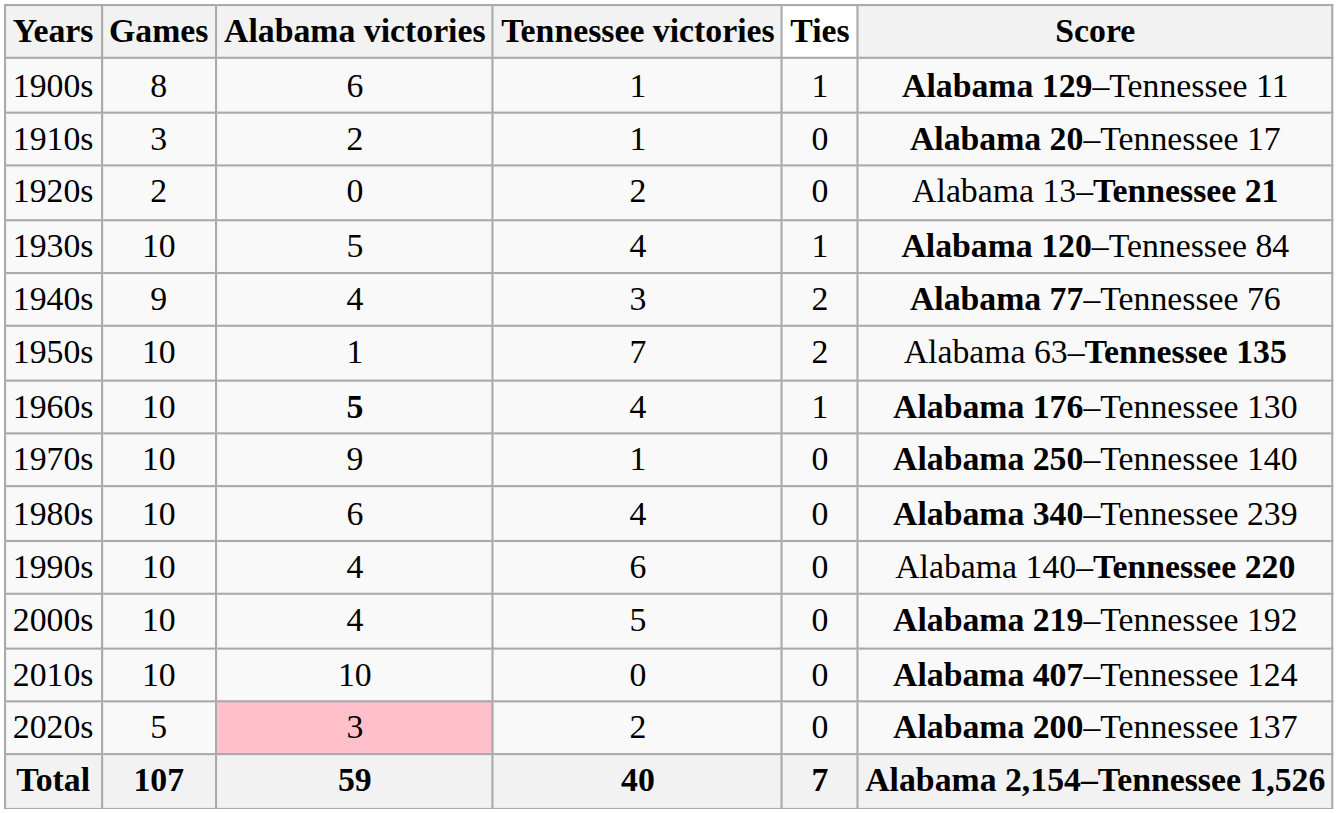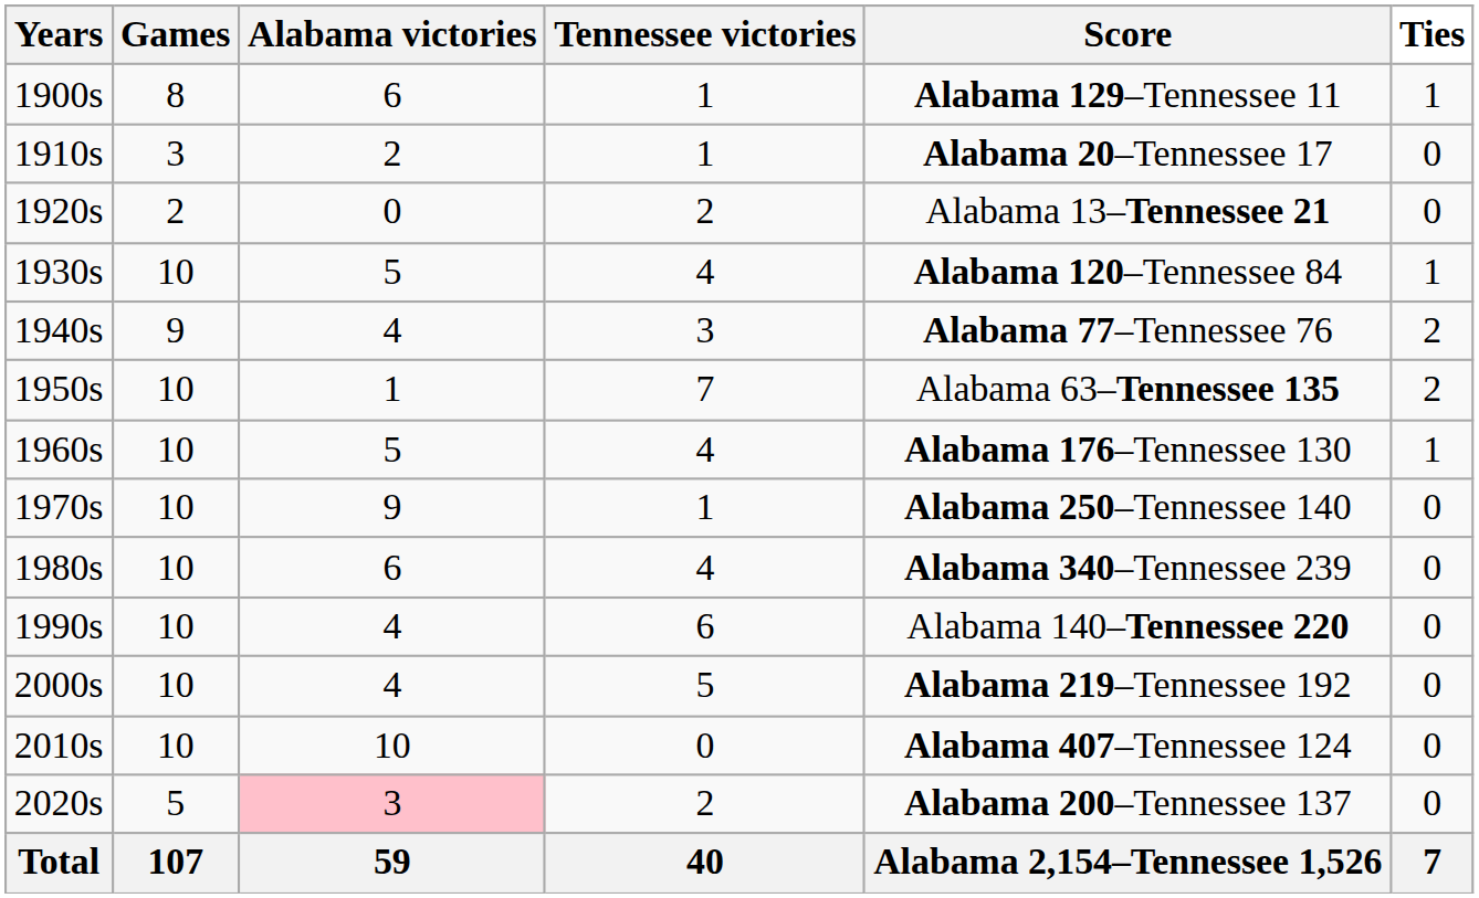 <table class="wikitable sortable" style="text-align:center">
 <tr>
 <th>Years</th>
 <th>Games</th>
 <th>Alabama victories</th>
 <th>Tennessee victories</th>
+<th>Score</th>
 <th style="text-align:center; background:white; color:black;">Ties</th>
-<th>Score</th>
 </tr>
 <tr>
 <td>1900s</td>
 <td>8</td>
 <td>6</td>
 <td>1</td>
+<td><strong>Alabama 129</strong>–Tennessee 11</td>
 <td>1</td>
-<td><strong>Alabama 129</strong>–Tennessee 11</td>
 </tr>
 <tr>
 <td>1910s</td>
 <td>3</td>
 <td>2</td>
 <td>1</td>
+<td><strong>Alabama 20</strong>–Tennessee 17</td>
 <td>0</td>
-<td><strong>Alabama 20</strong>–Tennessee 17</td>
 </tr>
 <tr>
 <td>1920s</td>
 <td>2</td>
 <td>0</td>
 <td>2</td>
+<td>Alabama 13–<strong>Tennessee 21</strong></td>
 <td>0</td>
-<td>Alabama 13–<strong>Tennessee 21</strong></td>
 </tr>
 <tr>
 <td>1930s</td>
 <td>10</td>
 <td>5</td>
 <td>4</td>
+<td><strong>Alabama 120</strong>–Tennessee 84</td>
 <td>1</td>
-<td><strong>Alabama 120</strong>–Tennessee 84</td>
 </tr>
 <tr>
 <td>1940s</td>
 <td>9</td>
 <td>4</td>
 <td>3</td>
+<td><strong>Alabama 77</strong>–Tennessee 76</td>
 <td>2</td>
-<td><strong>Alabama 77</strong>–Tennessee 76</td>
 </tr>
 <tr>
 <td>1950s</td>
 <td>10</td>
 <td>1</td>
 <td>7</td>
+<td>Alabama 63–<strong>Tennessee 135</strong></td>
 <td>2</td>
-<td>Alabama 63–<strong>Tennessee 135</strong></td>
 </tr>
 <tr>
 <td>1960s</td>
 <td>10</td>
-<td><strong>5</strong></td>
+<td>5</td>
 <td>4</td>
+<td><strong>Alabama 176</strong>–Tennessee 130</td>
 <td>1</td>
-<td><strong>Alabama 176</strong>–Tennessee 130</td>
 </tr>
 <tr>
 <td>1970s</td>
 <td>10</td>
 <td>9</td>
 <td>1</td>
+<td><strong>Alabama 250</strong>–Tennessee 140</td>
 <td>0</td>
-<td><strong>Alabama 250</strong>–Tennessee 140</td>
 </tr>
 <tr>
 <td>1980s</td>
 <td>10</td>
 <td>6</td>
 <td>4</td>
+<td><strong>Alabama 340</strong>–Tennessee 239</td>
 <td>0</td>
-<td><strong>Alabama 340</strong>–Tennessee 239</td>
 </tr>
 <tr>
 <td>1990s</td>
 <td>10</td>
 <td>4</td>
 <td>6</td>
+<td>Alabama 140–<strong>Tennessee 220</strong></td>
 <td>0</td>
-<td>Alabama 140–<strong>Tennessee 220</strong></td>
 </tr>
 <tr>
 <td>2000s</td>
 <td>10</td>
 <td>4</td>
 <td>5</td>
+<td><strong>Alabama 219</strong>–Tennessee 192</td>
 <td>0</td>
-<td><strong>Alabama 219</strong>–Tennessee 192</td>
 </tr>
 <tr>
 <td>2010s</td>
 <td>10</td>
 <td>10</td>
 <td>0</td>
+<td><strong>Alabama 407</strong>–Tennessee 124</td>
 <td>0</td>
-<td><strong>Alabama 407</strong>–Tennessee 124</td>
 </tr>
 <tr>
 <td>2020s</td>
 <td>5</td>
 <td style="background: pink;">3</td>
 <td>2</td>
+<td><strong>Alabama 200</strong>–Tennessee 137</td>
 <td>0</td>
-<td><strong>Alabama 200</strong>–Tennessee 137</td>
 </tr>
 <tr>
 <th>Total</th>
 <th>107</th>
 <th>59</th>
 <th>40</th>
+<th>Alabama 2,154–Tennessee 1,526</th>
 <th>7</th>
-<th>Alabama 2,154–Tennessee 1,526</th>
 </tr>
 </table>
